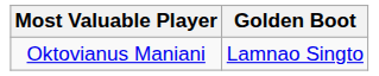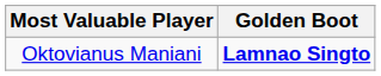 <table class="wikitable" style="text-align:center; margin:auto;">
 <tr>
 <th>Most Valuable Player</th>
 <th>Golden Boot</th>
 </tr>
 <tr>
 <td> <a href='#'>Oktovianus Maniani</a></td>
-<td> <a href='#'>Lamnao Singto</a></td>
+<td><strong> <a href='#'>Lamnao Singto</a></strong></td>
 </tr>
 </table>
